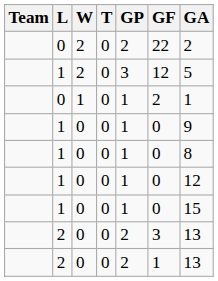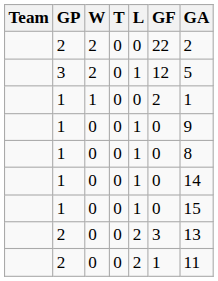 <table class="wikitable">
 <tr>
 <th>Team</th>
-<th>L</th>
+<th>GP</th>
 <th>W</th>
 <th>T</th>
-<th>GP</th>
+<th>L</th>
 <th>GF</th>
 <th>GA</th>
 </tr>
 <tr>
 <td></td>
-<td>0</td>
+<td>2</td>
 <td>2</td>
 <td>0</td>
-<td>2</td>
+<td>0</td>
 <td>22</td>
 <td>2</td>
 </tr>
 <tr>
 <td></td>
-<td>1</td>
+<td>3</td>
 <td>2</td>
 <td>0</td>
-<td>3</td>
+<td>1</td>
 <td>12</td>
 <td>5</td>
 </tr>
 <tr>
 <td></td>
-<td>0</td>
+<td>1</td>
 <td>1</td>
 <td>0</td>
-<td>1</td>
+<td>0</td>
 <td>2</td>
 <td>1</td>
 </tr>
 <tr>
 <td></td>
 <td>1</td>
 <td>0</td>
 <td>0</td>
 <td>1</td>
 <td>0</td>
 <td>9</td>
 </tr>
 <tr>
 <td></td>
 <td>1</td>
 <td>0</td>
 <td>0</td>
 <td>1</td>
 <td>0</td>
 <td>8</td>
 </tr>
 <tr>
 <td></td>
 <td>1</td>
 <td>0</td>
 <td>0</td>
 <td>1</td>
 <td>0</td>
-<td>12</td>
+<td>14</td>
 </tr>
 <tr>
 <td></td>
 <td>1</td>
 <td>0</td>
 <td>0</td>
 <td>1</td>
 <td>0</td>
 <td>15</td>
 </tr>
 <tr>
 <td></td>
 <td>2</td>
 <td>0</td>
 <td>0</td>
 <td>2</td>
 <td>3</td>
 <td>13</td>
 </tr>
 <tr>
 <td></td>
 <td>2</td>
 <td>0</td>
 <td>0</td>
 <td>2</td>
 <td>1</td>
-<td>13</td>
+<td>11</td>
 </tr>
 </table>
